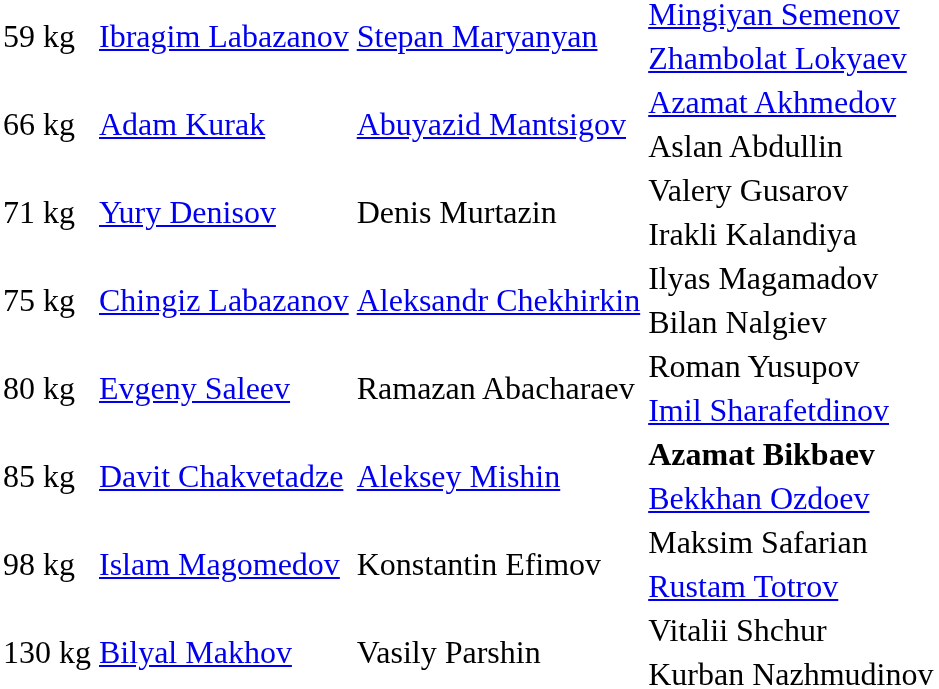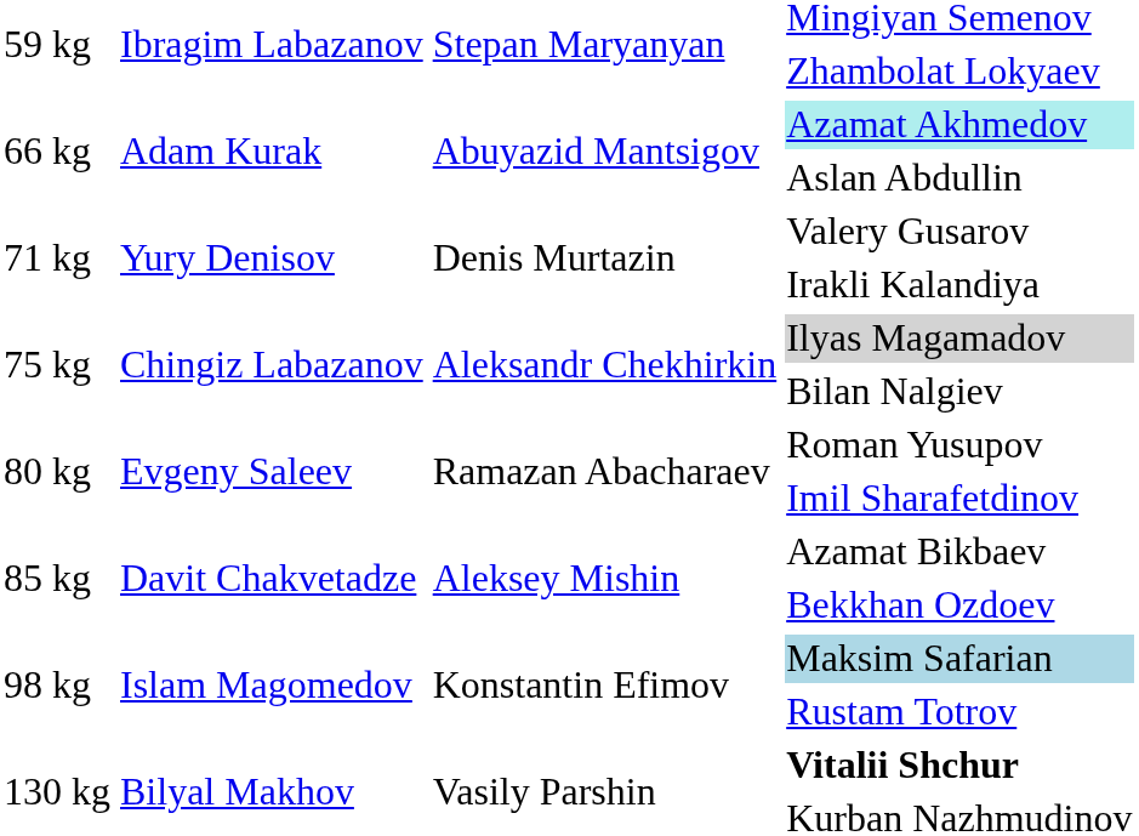 <table>
 <tr>
 <td rowspan=2>59 kg<br></td>
 <td rowspan=2> <a href='#'>Ibragim Labazanov</a></td>
 <td rowspan=2> <a href='#'>Stepan Maryanyan</a></td>
 <td> <a href='#'>Mingiyan Semenov</a></td>
 </tr>
 <tr>
 <td> <a href='#'>Zhambolat Lokyaev</a></td>
 </tr>
 <tr>
 <td rowspan=2>66 kg<br></td>
 <td rowspan=2> <a href='#'>Adam Kurak</a></td>
 <td rowspan=2> <a href='#'>Abuyazid Mantsigov</a></td>
-<td> <a href='#'>Azamat Akhmedov</a></td>
+<td style="background: paleturquoise;"> <a href='#'>Azamat Akhmedov</a></td>
 </tr>
 <tr>
 <td> Aslan Abdullin</td>
 </tr>
 <tr>
 <td rowspan=2>71 kg<br></td>
 <td rowspan=2> <a href='#'>Yury Denisov</a></td>
 <td rowspan=2> Denis Murtazin</td>
 <td> Valery Gusarov</td>
 </tr>
 <tr>
 <td> Irakli Kalandiya</td>
 </tr>
 <tr>
 <td rowspan=2>75 kg<br></td>
 <td rowspan=2> <a href='#'>Chingiz Labazanov</a></td>
 <td rowspan=2> <a href='#'>Aleksandr Chekhirkin</a></td>
-<td>  Ilyas Magamadov</td>
+<td style="background: lightgrey;">  Ilyas Magamadov</td>
 </tr>
 <tr>
 <td> Bilan Nalgiev</td>
 </tr>
 <tr>
 <td rowspan=2>80 kg<br></td>
 <td rowspan=2> <a href='#'>Evgeny Saleev</a></td>
 <td rowspan=2> Ramazan Abacharaev</td>
 <td> Roman Yusupov</td>
 </tr>
 <tr>
 <td> <a href='#'>Imil Sharafetdinov</a></td>
 </tr>
 <tr>
 <td rowspan=2>85 kg<br></td>
 <td rowspan=2> <a href='#'>Davit Chakvetadze</a></td>
 <td rowspan=2> <a href='#'>Aleksey Mishin</a></td>
-<td><strong> Azamat Bikbaev</strong></td>
+<td> Azamat Bikbaev</td>
 </tr>
 <tr>
 <td> <a href='#'>Bekkhan Ozdoev</a></td>
 </tr>
 <tr>
 <td rowspan=2>98 kg<br></td>
 <td rowspan=2> <a href='#'>Islam Magomedov</a></td>
 <td rowspan=2> Konstantin Efimov</td>
-<td> Maksim Safarian</td>
+<td style="background: lightblue;"> Maksim Safarian</td>
 </tr>
 <tr>
 <td> <a href='#'>Rustam Totrov</a></td>
 </tr>
 <tr>
 <td rowspan=2>130 kg<br></td>
 <td rowspan=2> <a href='#'>Bilyal Makhov</a></td>
 <td rowspan=2> Vasily Parshin</td>
-<td> Vitalii Shchur</td>
+<td><strong> Vitalii Shchur</strong></td>
 </tr>
 <tr>
 <td> Kurban Nazhmudinov</td>
 </tr>
 </table>
